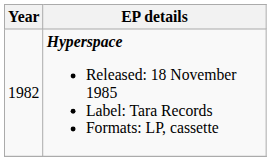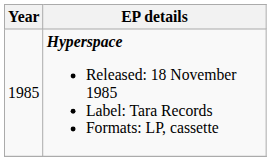 <table class="wikitable" border="1">
 <tr>
 <th>Year</th>
 <th width="220">EP details</th>
 </tr>
 <tr>
-<td>1982</td>
+<td>1985</td>
 <td><strong><em>Hyperspace</em></strong> <br><ul><li>Released: 18 November 1985</li><li>Label: Tara Records</li><li>Formats: LP, cassette</li></ul></td>
 </tr>
 <tr>
 </tr>
 </table>
